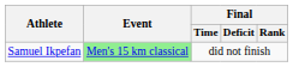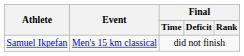 <table class="wikitable" style="font-size:90%; text-align:center">
 <tr>
 <th rowspan=2>Athlete</th>
 <th rowspan=2>Event</th>
 <th colspan=3>Final</th>
 </tr>
 <tr style="font-size: 95%">
 <th>Time</th>
 <th>Deficit</th>
 <th>Rank</th>
 </tr>
 <tr>
 <td align=left><a href='#'>Samuel Ikpefan</a></td>
-<td align=left style="background: lightgreen;"><a href='#'>Men's 15 km classical</a></td>
+<td align=left><a href='#'>Men's 15 km classical</a></td>
 <td colspan=3>did not finish</td>
 </tr>
 </table>
